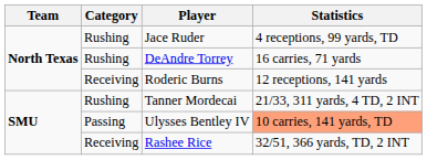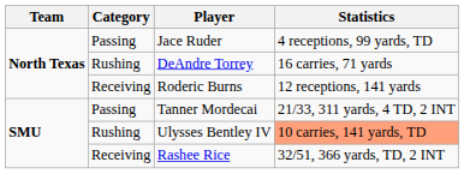 <table class="wikitable" style="float: left;">
 <tr>
 <th>Team</th>
 <th>Category</th>
 <th>Player</th>
 <th>Statistics</th>
 </tr>
 <tr>
 <td rowspan=3><strong>North Texas</strong></td>
-<td>Rushing</td>
+<td>Passing</td>
 <td>Jace Ruder</td>
 <td>4 receptions, 99 yards, TD</td>
 </tr>
 <tr>
 <td>Rushing</td>
 <td><a href='#'>DeAndre Torrey</a></td>
 <td>16 carries, 71 yards</td>
 </tr>
 <tr>
 <td>Receiving</td>
 <td>Roderic Burns</td>
 <td>12 receptions, 141 yards</td>
 </tr>
 <tr>
 <td rowspan=3><strong>SMU</strong></td>
-<td>Rushing</td>
+<td>Passing</td>
 <td>Tanner Mordecai</td>
 <td>21/33, 311 yards, 4 TD, 2 INT</td>
 </tr>
 <tr>
-<td>Passing</td>
+<td>Rushing</td>
 <td>Ulysses Bentley IV</td>
 <td style="background: lightsalmon;">10 carries, 141 yards, TD</td>
 </tr>
 <tr>
 <td>Receiving</td>
 <td><a href='#'>Rashee Rice</a></td>
 <td>32/51, 366 yards, TD, 2 INT</td>
 </tr>
 </table>
